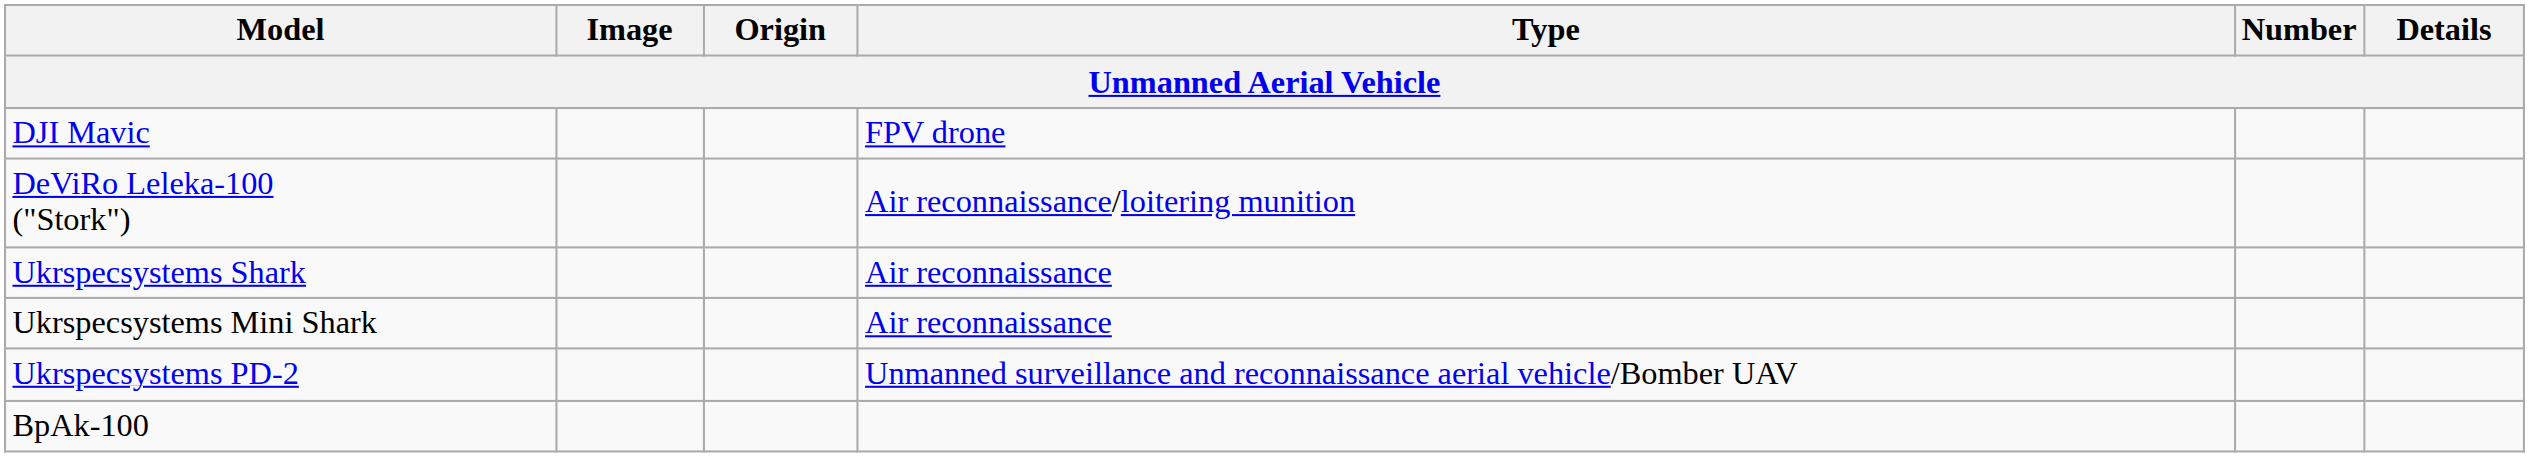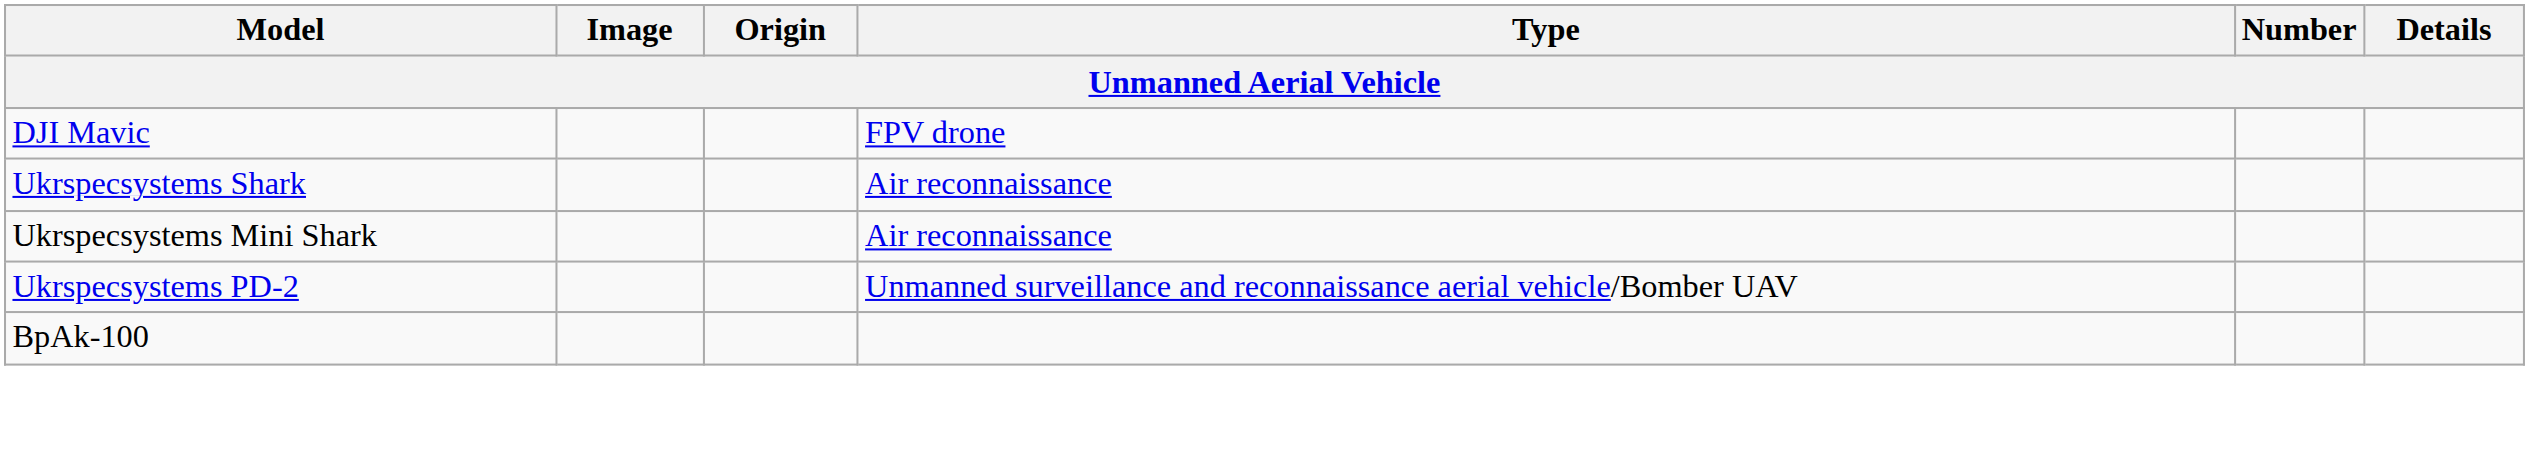 <table class="wikitable">
 <tr>
 <th>Model</th>
 <th>Image</th>
 <th>Origin</th>
 <th>Type</th>
 <th style="width:5%;">Number</th>
 <th>Details</th>
 </tr>
 <tr>
 <th colspan="6" style="align: center;"><a href='#'>Unmanned Aerial Vehicle</a></th>
 </tr>
 <tr>
 <td><a href='#'>DJI Mavic</a></td>
 <td></td>
 <td></td>
 <td><a href='#'>FPV drone</a></td>
-<td></td>
-<td></td>
-</tr>
-<tr>
-<td><a href='#'>DeViRo Leleka-100</a><br>("Stork")</td>
-<td></td>
-<td></td>
-<td><a href='#'>Air reconnaissance</a>/<a href='#'>loitering munition</a></td>
 <td></td>
 <td></td>
 </tr>
 <tr>
 <td><a href='#'>Ukrspecsystems Shark</a></td>
 <td></td>
 <td></td>
 <td><a href='#'>Air reconnaissance</a></td>
 <td></td>
 <td></td>
 </tr>
 <tr>
 <td>Ukrspecsystems Mini Shark</td>
 <td></td>
 <td></td>
 <td><a href='#'>Air reconnaissance</a></td>
 <td></td>
 <td></td>
 </tr>
 <tr>
 <td><a href='#'>Ukrspecsystems PD-2</a></td>
 <td></td>
 <td></td>
 <td><a href='#'>Unmanned surveillance and reconnaissance aerial vehicle</a>/Bomber UAV</td>
 <td></td>
 <td></td>
 </tr>
 <tr>
 <td>BpAk-100</td>
 <td></td>
 <td></td>
 <td></td>
 <td></td>
 <td></td>
 </tr>
 </table>
